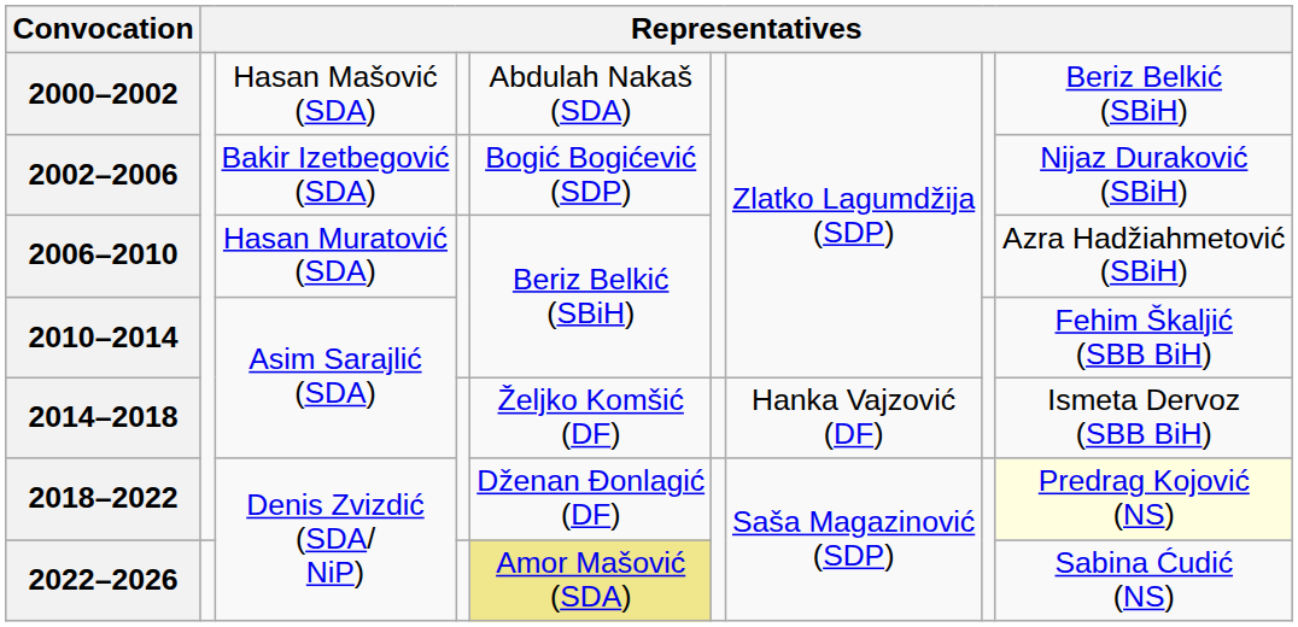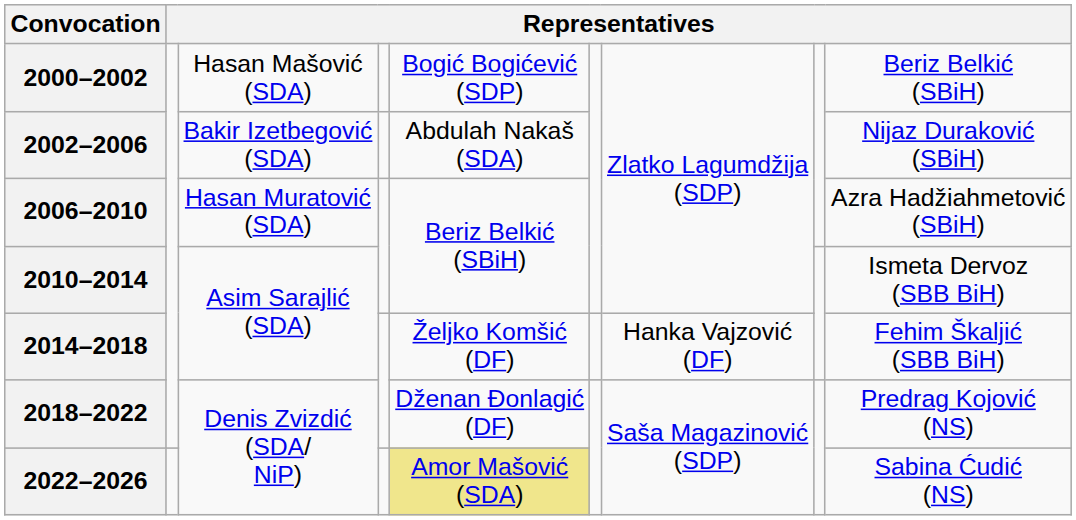 <table class="wikitable" style="text-align:center">
 <tr>
 <th>Convocation</th>
 <th colspan=8>Representatives</th>
 </tr>
 <tr>
 <th>2000–2002</th>
 <td rowspan=6; style="background-color: "></td>
 <td>Hasan Mašović<br>(<a href='#'>SDA</a>)</td>
 <td rowspan=1; style="background-color: "></td>
-<td>Abdulah Nakaš<br>(<a href='#'>SDA</a>)</td>
+<td><a href='#'>Bogić Bogićević</a><br>(<a href='#'>SDP</a>)</td>
 <td rowspan=4; style="background-color: "></td>
 <td rowspan=4><a href='#'>Zlatko Lagumdžija</a><br>(<a href='#'>SDP</a>)</td>
 <td rowspan=3; style="background-color: "></td>
 <td><a href='#'>Beriz Belkić</a><br>(<a href='#'>SBiH</a>)</td>
 </tr>
 <tr>
 <th>2002–2006</th>
 <td><a href='#'>Bakir Izetbegović</a><br>(<a href='#'>SDA</a>)</td>
 <td rowspan=1; style="background-color: "></td>
-<td><a href='#'>Bogić Bogićević</a><br>(<a href='#'>SDP</a>)</td>
+<td>Abdulah Nakaš<br>(<a href='#'>SDA</a>)</td>
 <td><a href='#'>Nijaz Duraković</a><br>(<a href='#'>SBiH</a>)</td>
 </tr>
 <tr>
 <th>2006–2010</th>
 <td><a href='#'>Hasan Muratović</a><br>(<a href='#'>SDA</a>)</td>
 <td rowspan=2; style="background-color: "></td>
 <td rowspan=2><a href='#'>Beriz Belkić</a><br>(<a href='#'>SBiH</a>)</td>
 <td>Azra Hadžiahmetović<br>(<a href='#'>SBiH</a>)</td>
 </tr>
 <tr>
 <th>2010–2014</th>
 <td rowspan=2><a href='#'>Asim Sarajlić</a><br>(<a href='#'>SDA</a>)</td>
 <td rowspan=2; style="background-color: "></td>
-<td><a href='#'>Fehim Škaljić</a><br>(<a href='#'>SBB BiH</a>)</td>
+<td>Ismeta Dervoz<br>(<a href='#'>SBB BiH</a>)</td>
 </tr>
 <tr>
 <th>2014–2018</th>
 <td rowspan=2; style="background-color: "></td>
 <td><a href='#'>Željko Komšić</a><br>(<a href='#'>DF</a>)</td>
 <td rowspan=1; style="background-color: "></td>
 <td>Hanka Vajzović<br>(<a href='#'>DF</a>)</td>
-<td>Ismeta Dervoz<br>(<a href='#'>SBB BiH</a>)</td>
+<td><a href='#'>Fehim Škaljić</a><br>(<a href='#'>SBB BiH</a>)</td>
 </tr>
 <tr>
 <th>2018–2022</th>
 <td rowspan=2><a href='#'>Denis Zvizdić</a><br>(<a href='#'>SDA</a>/<br><a href='#'>NiP</a>)</td>
 <td><a href='#'>Dženan Đonlagić</a><br>(<a href='#'>DF</a>)</td>
 <td rowspan=2; style="background-color: "></td>
 <td rowspan=2><a href='#'>Saša Magazinović</a><br>(<a href='#'>SDP</a>)</td>
 <td rowspan=2; style="background-color: "></td>
-<td style="background: lightyellow;"><a href='#'>Predrag Kojović</a><br>(<a href='#'>NS</a>)</td>
+<td><a href='#'>Predrag Kojović</a><br>(<a href='#'>NS</a>)</td>
 </tr>
 <tr>
 <th>2022–2026</th>
 <td rowspan=1; style="background-color: "></td>
 <td rowspan=1; style="background-color: "></td>
 <td style="background: khaki;"><a href='#'>Amor Mašović</a><br>(<a href='#'>SDA</a>)</td>
 <td><a href='#'>Sabina Ćudić</a><br>(<a href='#'>NS</a>)</td>
 </tr>
 </table>
